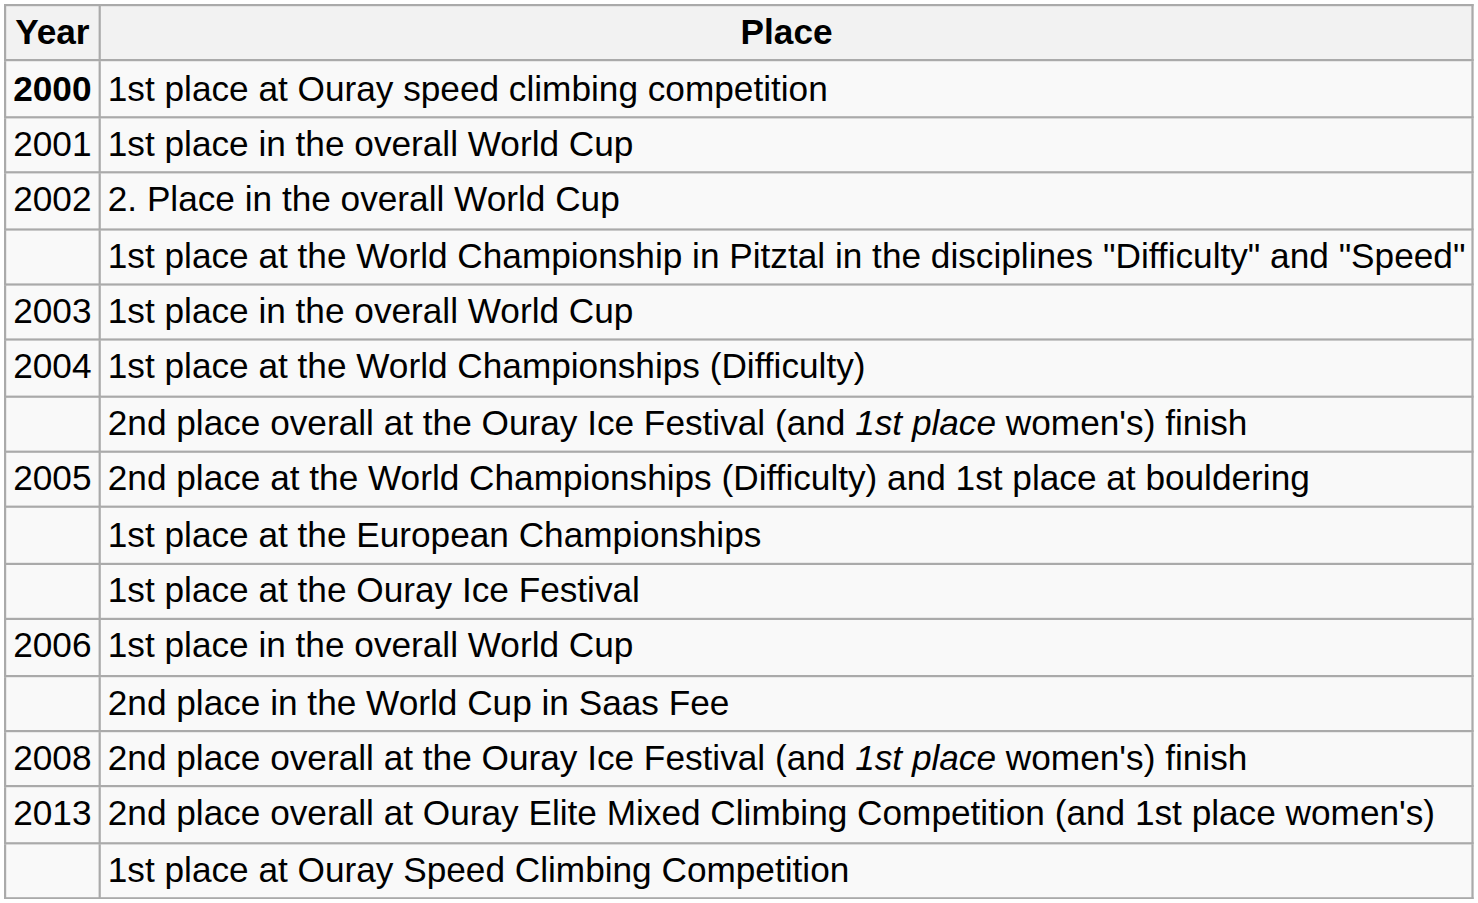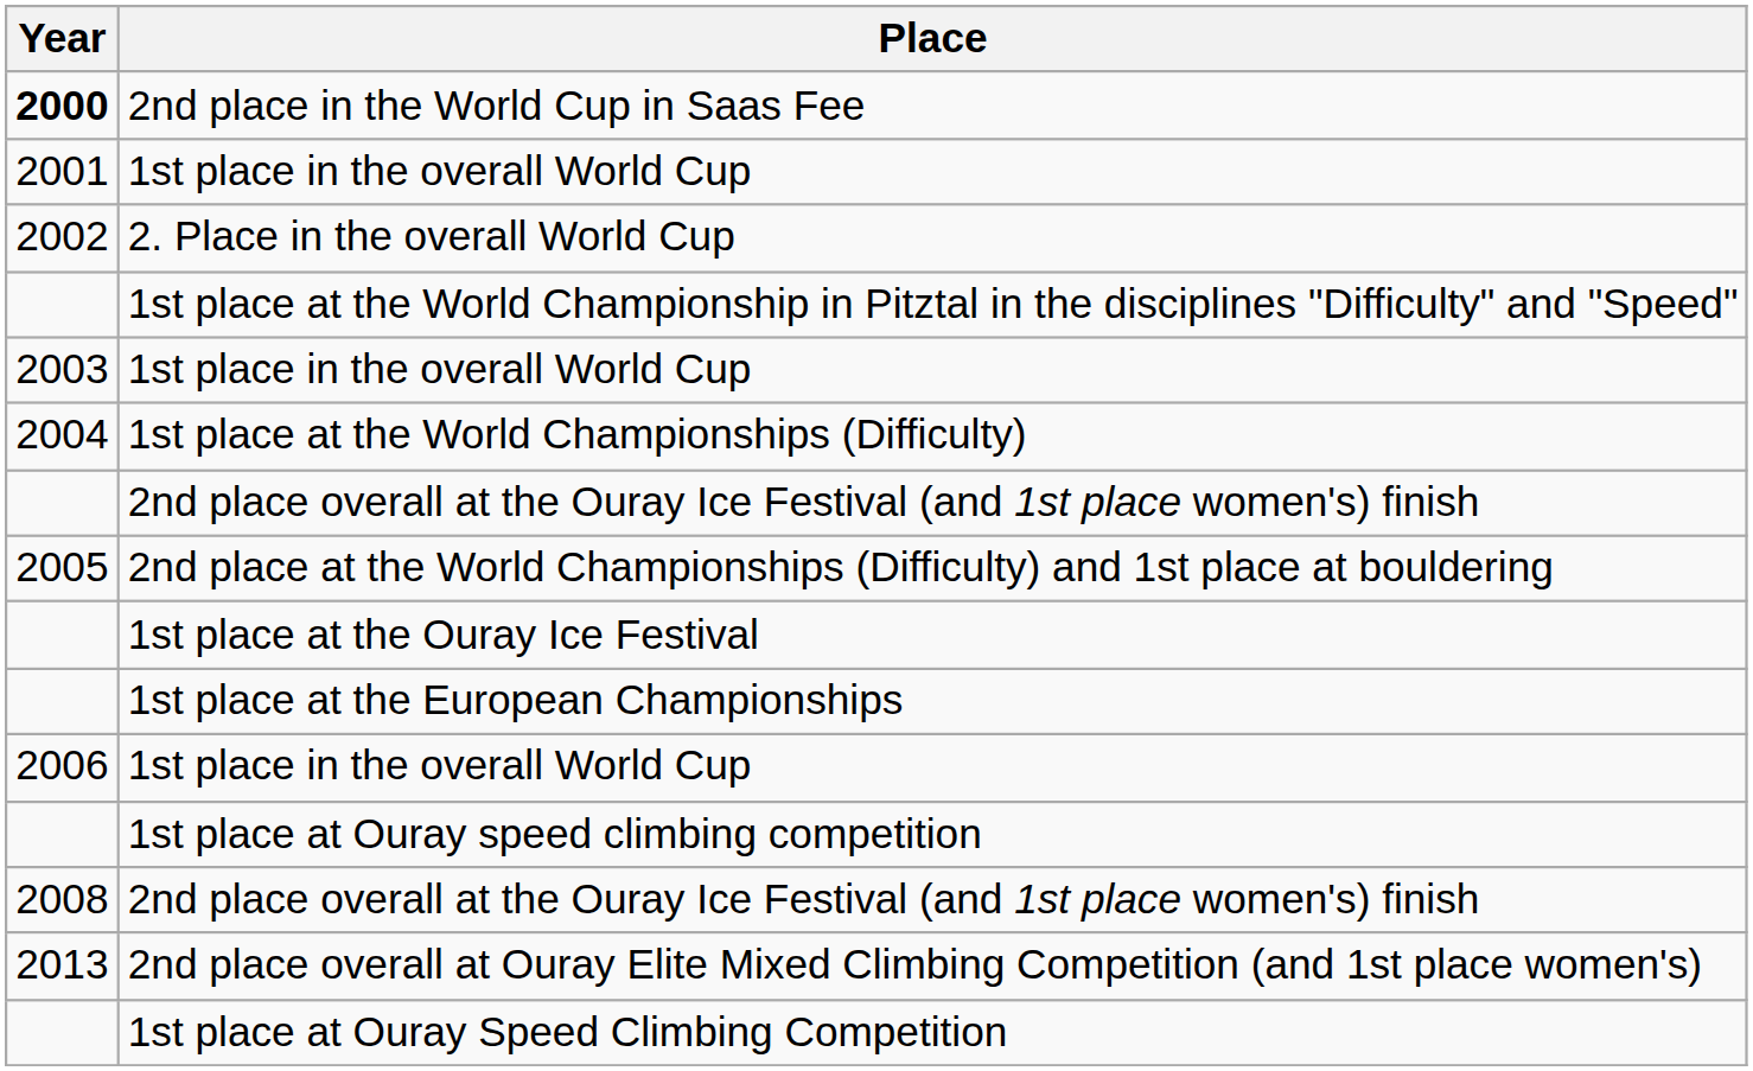 <table class="wikitable">
 <tr>
 <th>Year</th>
 <th>Place</th>
 </tr>
 <tr>
 <td><strong>2000</strong></td>
-<td>1st place at Ouray speed climbing competition</td>
+<td>2nd place in the World Cup in Saas Fee</td>
 </tr>
 <tr>
 <td>2001</td>
 <td>1st place in the overall World Cup</td>
 </tr>
 <tr>
 <td>2002</td>
 <td>2. Place in the overall World Cup</td>
 </tr>
 <tr>
 <td></td>
 <td>1st place at the World Championship in Pitztal in the disciplines "Difficulty" and "Speed"</td>
 </tr>
 <tr>
 <td>2003</td>
 <td>1st place in the overall World Cup</td>
 </tr>
 <tr>
 <td>2004</td>
 <td>1st place at the World Championships (Difficulty)</td>
 </tr>
 <tr>
 <td></td>
 <td>2nd place overall at the Ouray Ice Festival (and <em>1st place</em> women's) finish</td>
 </tr>
 <tr>
 <td>2005</td>
 <td>2nd place at the World Championships (Difficulty) and 1st place at bouldering</td>
 </tr>
 <tr>
 <td></td>
-<td>1st place at the European Championships</td>
+<td>1st place at the Ouray Ice Festival</td>
 </tr>
 <tr>
 <td></td>
-<td>1st place at the Ouray Ice Festival</td>
+<td>1st place at the European Championships</td>
 </tr>
 <tr>
 <td>2006</td>
 <td>1st place in the overall World Cup</td>
 </tr>
 <tr>
 <td></td>
-<td>2nd place in the World Cup in Saas Fee</td>
+<td>1st place at Ouray speed climbing competition</td>
 </tr>
 <tr>
 <td>2008</td>
 <td>2nd place overall at the Ouray Ice Festival (and <em>1st place</em> women's) finish</td>
 </tr>
 <tr>
 <td>2013</td>
 <td>2nd place overall at Ouray Elite Mixed Climbing Competition (and 1st place women's)</td>
 </tr>
 <tr>
 <td></td>
 <td>1st place at Ouray Speed Climbing Competition</td>
 </tr>
 </table>
